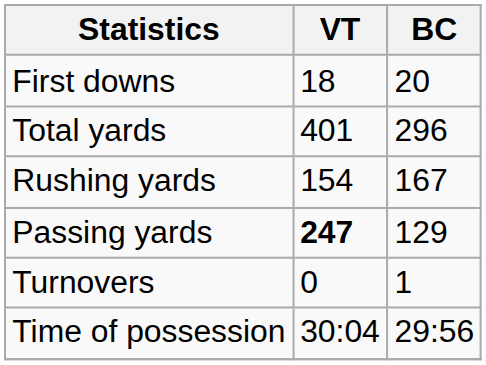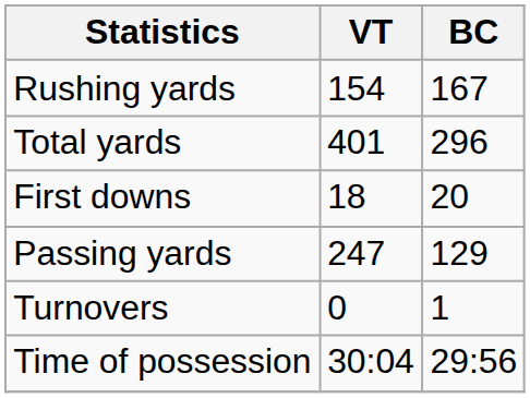 <table class="wikitable">
 <tr>
 <th>Statistics</th>
 <th>VT</th>
 <th>BC</th>
 </tr>
 <tr>
-<td>First downs</td>
-<td>18</td>
-<td>20</td>
+<td>Rushing yards</td>
+<td>154</td>
+<td>167</td>
 </tr>
 <tr>
 <td>Total yards</td>
 <td>401</td>
 <td>296</td>
 </tr>
 <tr>
-<td>Rushing yards</td>
-<td>154</td>
-<td>167</td>
+<td>First downs</td>
+<td>18</td>
+<td>20</td>
 </tr>
 <tr>
 <td>Passing yards</td>
-<td><strong>247</strong></td>
+<td>247</td>
 <td>129</td>
 </tr>
 <tr>
 <td>Turnovers</td>
 <td>0</td>
 <td>1</td>
 </tr>
 <tr>
 <td>Time of possession</td>
 <td>30:04</td>
 <td>29:56</td>
 </tr>
 <tr>
 </tr>
 </table>
